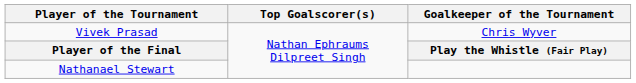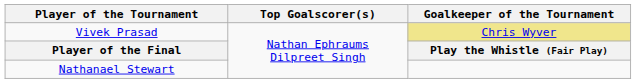 <table class=wikitable style="margin:auto; text-align:center">
 <tr>
 <th style="width: 250px;">Player of the Tournament</th>
 <th style="width: 200px;">Top Goalscorer(s)</th>
 <th style="width: 250px;">Goalkeeper of the Tournament</th>
 </tr>
 <tr>
 <td> <a href='#'>Vivek Prasad</a></td>
 <td rowspan=3> <a href='#'>Nathan Ephraums</a><br> <a href='#'>Dilpreet Singh</a></td>
-<td> <a href='#'>Chris Wyver</a></td>
+<td style="background: khaki;"> <a href='#'>Chris Wyver</a></td>
 </tr>
 <tr>
 <th style="width: 200px;">Player of the Final</th>
 <th style="width: 200px;">Play the Whistle <small>(Fair Play)</small></th>
 </tr>
 <tr>
 <td> <a href='#'>Nathanael Stewart</a></td>
 <td></td>
 </tr>
 </table>
